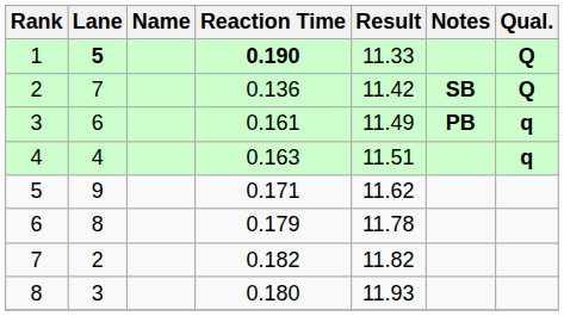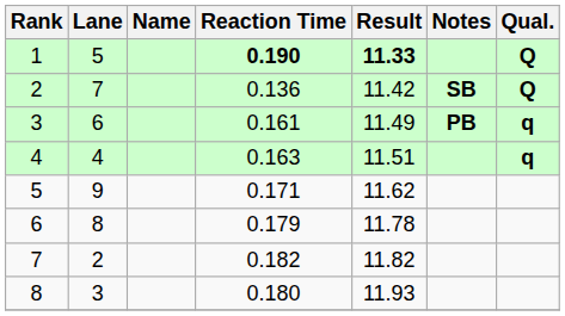 <table class="wikitable" style="text-align:center">
 <tr>
 <th>Rank</th>
 <th>Lane</th>
 <th>Name</th>
 <th>Reaction Time</th>
 <th>Result</th>
 <th>Notes</th>
 <th>Qual.</th>
 </tr>
 <tr bgcolor=ccffcc>
 <td>1</td>
-<td><strong>5</strong></td>
+<td>5</td>
 <td align="left"></td>
 <td><strong>0.190</strong></td>
-<td>11.33</td>
+<td><strong>11.33</strong></td>
 <td></td>
 <td><strong>Q</strong></td>
 </tr>
 <tr bgcolor=ccffcc>
 <td>2</td>
 <td>7</td>
 <td align="left"></td>
 <td>0.136</td>
 <td>11.42</td>
 <td><strong>SB</strong></td>
 <td><strong>Q</strong></td>
 </tr>
 <tr bgcolor=ccffcc>
 <td>3</td>
 <td>6</td>
 <td align="left"></td>
 <td>0.161</td>
 <td>11.49</td>
 <td><strong>PB</strong></td>
 <td><strong>q</strong></td>
 </tr>
 <tr bgcolor=ccffcc>
 <td>4</td>
 <td>4</td>
 <td align="left"></td>
 <td>0.163</td>
 <td>11.51</td>
 <td></td>
 <td><strong>q</strong></td>
 </tr>
 <tr>
 <td>5</td>
 <td>9</td>
 <td align="left"></td>
 <td>0.171</td>
 <td>11.62</td>
 <td></td>
 <td></td>
 </tr>
 <tr>
 <td>6</td>
 <td>8</td>
 <td align="left"></td>
 <td>0.179</td>
 <td>11.78</td>
 <td></td>
 <td></td>
 </tr>
 <tr>
 <td>7</td>
 <td>2</td>
 <td align="left"></td>
 <td>0.182</td>
 <td>11.82</td>
 <td></td>
 <td></td>
 </tr>
 <tr>
 <td>8</td>
 <td>3</td>
 <td align="left"></td>
 <td>0.180</td>
 <td>11.93</td>
 <td></td>
 <td></td>
 </tr>
 <tr>
 </tr>
 </table>
